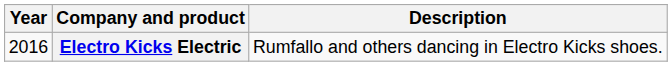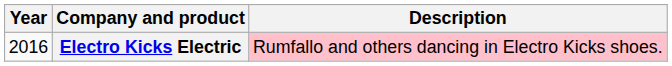 <table class="wikitable">
 <tr>
 <th>Year</th>
 <th>Company and product</th>
 <th>Description</th>
 </tr>
 <tr>
 <td rowspan=2>2016</td>
 <th scope="row"><a href='#'>Electro Kicks</a> Electric</th>
-<td>Rumfallo and others dancing in Electro Kicks shoes.</td>
+<td style="background: pink;">Rumfallo and others dancing in Electro Kicks shoes.</td>
 </tr>
 </table>
